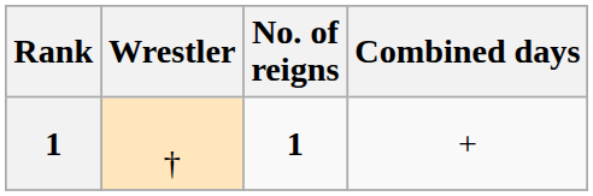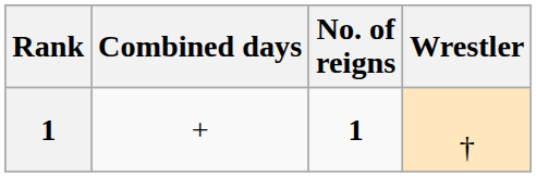 <table class="wikitable sortable" style="text-align: center">
 <tr>
 <th>Rank</th>
+<th data-sort-type="number">Combined days</th>
+<th>No. of<br>reigns</th>
 <th>Wrestler</th>
-<th>No. of<br>reigns</th>
-<th data-sort-type="number">Combined days</th>
 </tr>
 <tr>
 <th>1</th>
+<td>+</td>
+<td><strong>1</strong></td>
 <td style="background-color: #ffe6bd"><br> †</td>
-<td><strong>1</strong></td>
-<td>+</td>
 </tr>
 </table>
